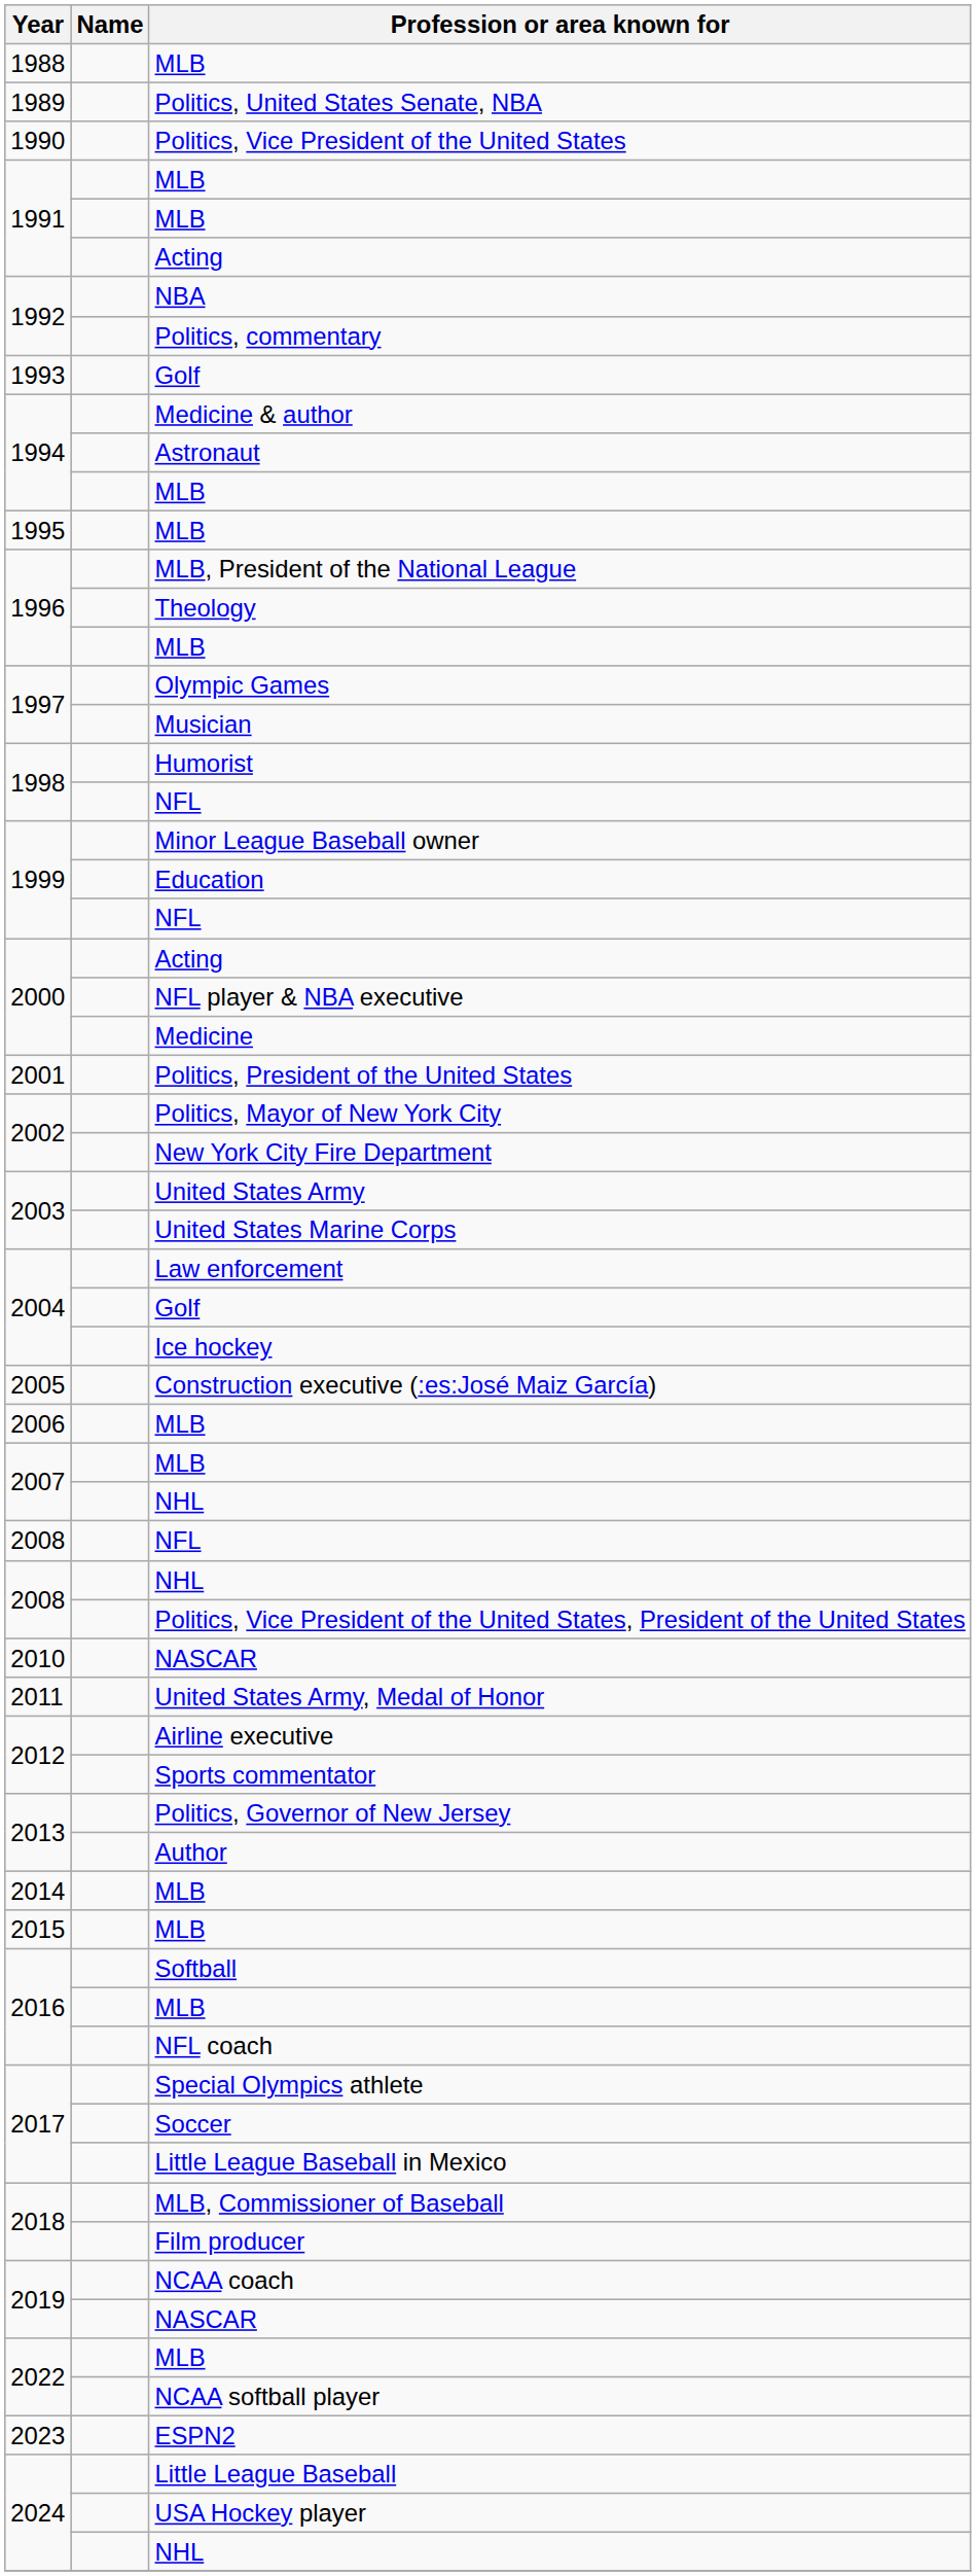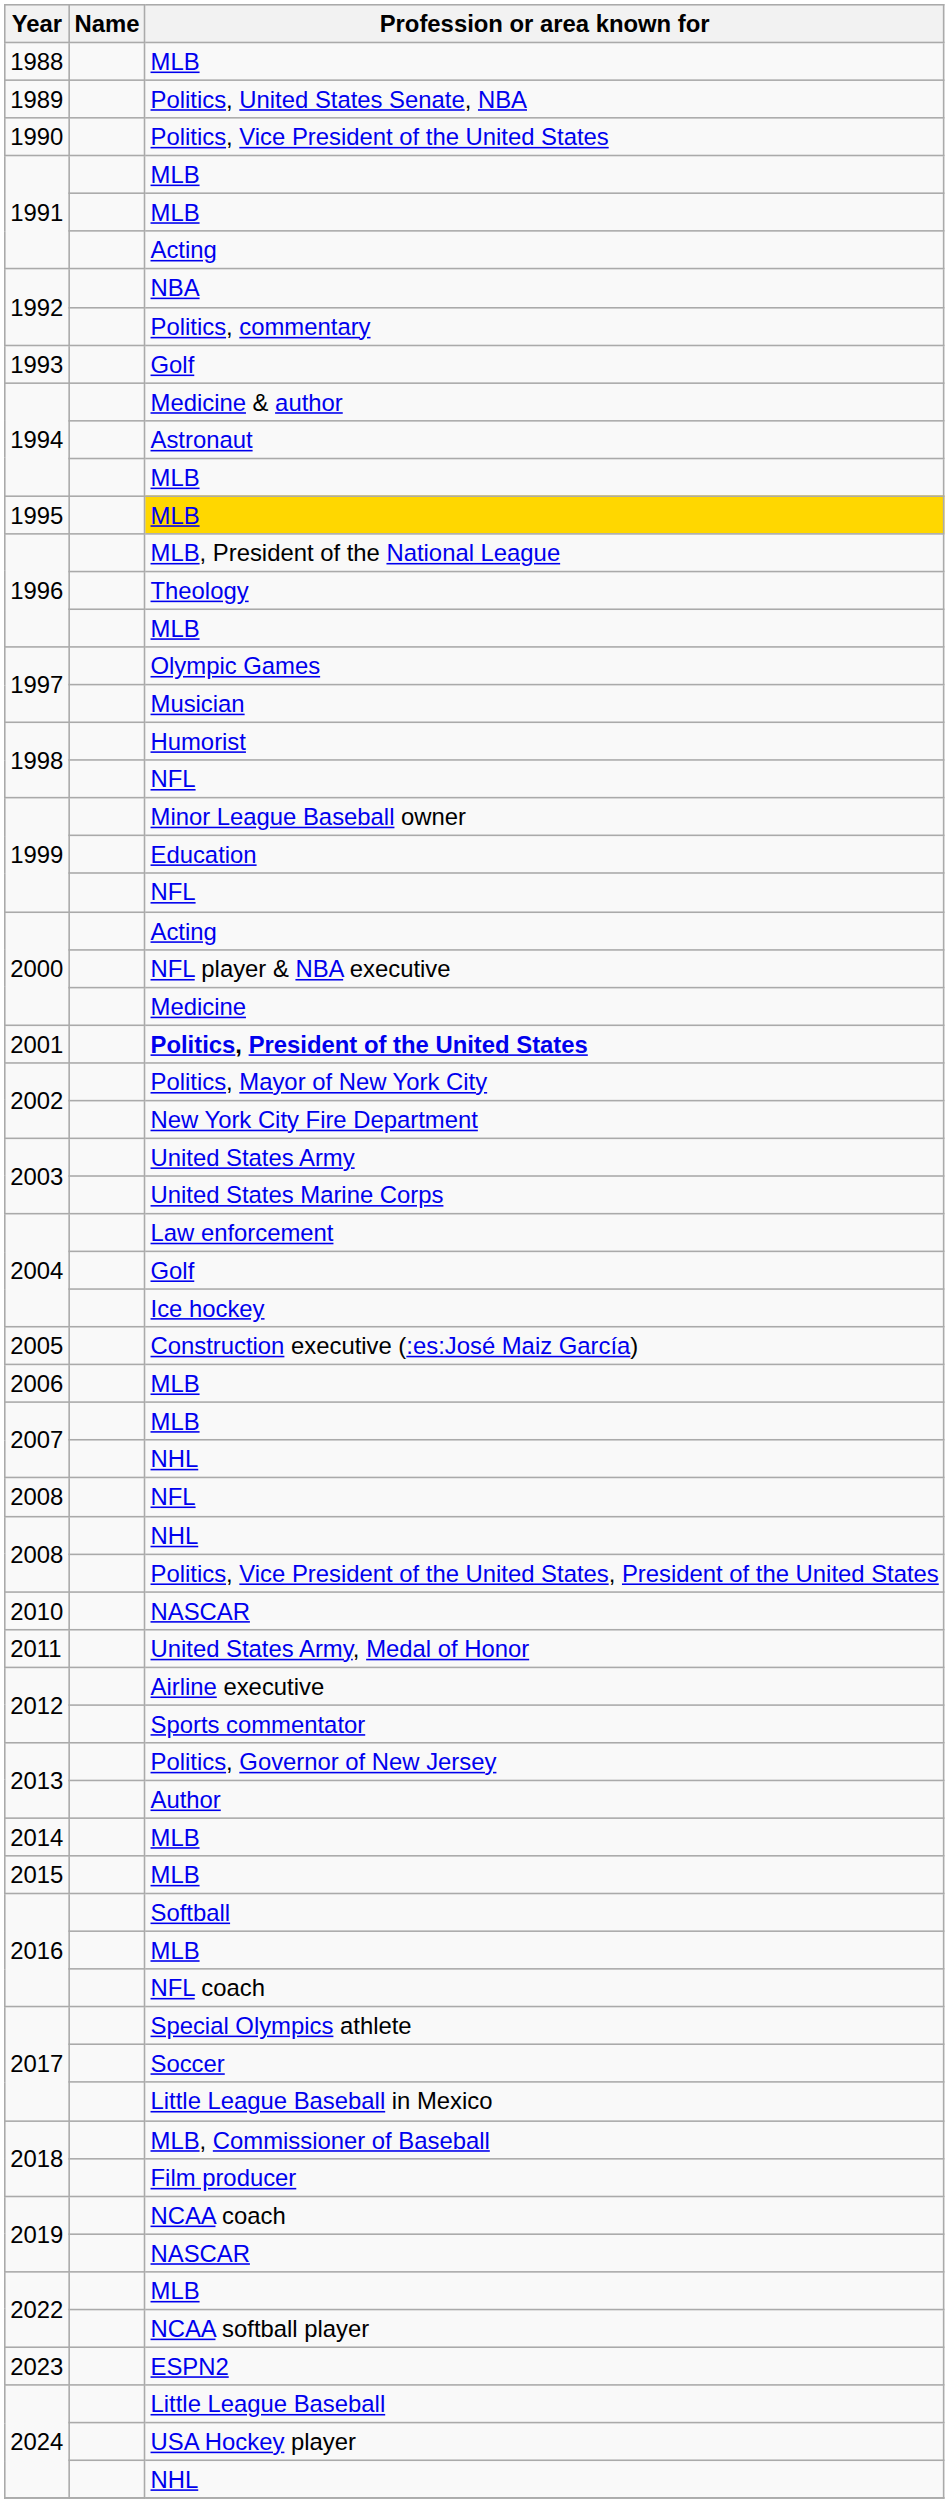 <table class = "wikitable sortable" style="text-align:left; font-size: 95%;">
 <tr>
 <th>Year</th>
 <th>Name</th>
 <th>Profession or area known for</th>
 </tr>
 <tr>
 <td>1988</td>
 <td></td>
 <td><a href='#'>MLB</a></td>
 </tr>
 <tr>
 <td>1989</td>
 <td></td>
 <td><a href='#'>Politics</a>, <a href='#'>United States Senate</a>, <a href='#'>NBA</a></td>
 </tr>
 <tr>
 <td>1990</td>
 <td></td>
 <td><a href='#'>Politics</a>, <a href='#'>Vice President of the United States</a></td>
 </tr>
 <tr>
 <td rowspan=3>1991</td>
 <td></td>
 <td><a href='#'>MLB</a></td>
 </tr>
 <tr>
 <td></td>
 <td><a href='#'>MLB</a></td>
 </tr>
 <tr>
 <td></td>
 <td><a href='#'>Acting</a></td>
 </tr>
 <tr>
 <td rowspan=2>1992</td>
 <td></td>
 <td><a href='#'>NBA</a></td>
 </tr>
 <tr>
 <td></td>
 <td><a href='#'>Politics</a>, <a href='#'>commentary</a></td>
 </tr>
 <tr>
 <td>1993</td>
 <td></td>
 <td><a href='#'>Golf</a></td>
 </tr>
 <tr>
 <td rowspan=3>1994</td>
 <td></td>
 <td><a href='#'>Medicine</a> & <a href='#'>author</a></td>
 </tr>
 <tr>
 <td></td>
 <td><a href='#'>Astronaut</a></td>
 </tr>
 <tr>
 <td></td>
 <td><a href='#'>MLB</a></td>
 </tr>
 <tr>
 <td>1995</td>
 <td></td>
-<td><a href='#'>MLB</a></td>
+<td style="background: gold;"><a href='#'>MLB</a></td>
 </tr>
 <tr>
 <td rowspan=3>1996</td>
 <td></td>
 <td><a href='#'>MLB</a>, President of the <a href='#'>National League</a></td>
 </tr>
 <tr>
 <td></td>
 <td><a href='#'>Theology</a></td>
 </tr>
 <tr>
 <td></td>
 <td><a href='#'>MLB</a></td>
 </tr>
 <tr>
 <td rowspan=2>1997</td>
 <td></td>
 <td><a href='#'>Olympic Games</a></td>
 </tr>
 <tr>
 <td></td>
 <td><a href='#'>Musician</a></td>
 </tr>
 <tr>
 <td rowspan=2>1998</td>
 <td></td>
 <td><a href='#'>Humorist</a></td>
 </tr>
 <tr>
 <td></td>
 <td><a href='#'>NFL</a></td>
 </tr>
 <tr>
 <td rowspan=3>1999</td>
 <td></td>
 <td><a href='#'>Minor League Baseball</a> owner</td>
 </tr>
 <tr>
 <td></td>
 <td><a href='#'>Education</a></td>
 </tr>
 <tr>
 <td></td>
 <td><a href='#'>NFL</a></td>
 </tr>
 <tr>
 <td rowspan=3>2000</td>
 <td></td>
 <td><a href='#'>Acting</a></td>
 </tr>
 <tr>
 <td></td>
 <td><a href='#'>NFL</a> player & <a href='#'>NBA</a> executive</td>
 </tr>
 <tr>
 <td></td>
 <td><a href='#'>Medicine</a></td>
 </tr>
 <tr>
 <td>2001</td>
 <td></td>
-<td><a href='#'>Politics</a>, <a href='#'>President of the United States</a></td>
+<td><strong><a href='#'>Politics</a>, <a href='#'>President of the United States</a></strong></td>
 </tr>
 <tr>
 <td rowspan=2>2002</td>
 <td></td>
 <td><a href='#'>Politics</a>, <a href='#'>Mayor of New York City</a></td>
 </tr>
 <tr>
 <td></td>
 <td><a href='#'>New York City Fire Department</a></td>
 </tr>
 <tr>
 <td rowspan=2>2003</td>
 <td></td>
 <td><a href='#'>United States Army</a></td>
 </tr>
 <tr>
 <td></td>
 <td><a href='#'>United States Marine Corps</a></td>
 </tr>
 <tr>
 <td rowspan=3>2004</td>
 <td></td>
 <td><a href='#'>Law enforcement</a></td>
 </tr>
 <tr>
 <td></td>
 <td><a href='#'>Golf</a></td>
 </tr>
 <tr>
 <td></td>
 <td><a href='#'>Ice hockey</a></td>
 </tr>
 <tr>
 <td>2005</td>
 <td></td>
 <td><a href='#'>Construction</a> executive (<a href='#'>:es:José Maiz García</a>)</td>
 </tr>
 <tr>
 <td>2006</td>
 <td></td>
 <td><a href='#'>MLB</a></td>
 </tr>
 <tr>
 <td rowspan=2>2007</td>
 <td></td>
 <td><a href='#'>MLB</a></td>
 </tr>
 <tr>
 <td></td>
 <td><a href='#'>NHL</a></td>
 </tr>
 <tr>
 <td>2008</td>
 <td></td>
 <td><a href='#'>NFL</a></td>
 </tr>
 <tr>
 <td rowspan=2>2008</td>
 <td></td>
 <td><a href='#'>NHL</a></td>
 </tr>
 <tr>
 <td></td>
 <td><a href='#'>Politics</a>, <a href='#'>Vice President of the United States</a>, <a href='#'>President of the United States</a></td>
 </tr>
 <tr>
 <td>2010</td>
 <td></td>
 <td><a href='#'>NASCAR</a></td>
 </tr>
 <tr>
 <td>2011</td>
 <td></td>
 <td><a href='#'>United States Army</a>, <a href='#'>Medal of Honor</a></td>
 </tr>
 <tr>
 <td rowspan=2>2012</td>
 <td></td>
 <td><a href='#'>Airline</a> executive</td>
 </tr>
 <tr>
 <td></td>
 <td><a href='#'>Sports commentator</a></td>
 </tr>
 <tr>
 <td rowspan=2>2013</td>
 <td></td>
 <td><a href='#'>Politics</a>, <a href='#'>Governor of New Jersey</a></td>
 </tr>
 <tr>
 <td></td>
 <td><a href='#'>Author</a></td>
 </tr>
 <tr>
 <td>2014</td>
 <td></td>
 <td><a href='#'>MLB</a></td>
 </tr>
 <tr>
 <td>2015</td>
 <td></td>
 <td><a href='#'>MLB</a></td>
 </tr>
 <tr>
 <td rowspan=3>2016</td>
 <td></td>
 <td><a href='#'>Softball</a></td>
 </tr>
 <tr>
 <td></td>
 <td><a href='#'>MLB</a></td>
 </tr>
 <tr>
 <td></td>
 <td><a href='#'>NFL</a> coach</td>
 </tr>
 <tr>
 <td rowspan=3>2017</td>
 <td></td>
 <td><a href='#'>Special Olympics</a> athlete</td>
 </tr>
 <tr>
 <td></td>
 <td><a href='#'>Soccer</a></td>
 </tr>
 <tr>
 <td></td>
 <td><a href='#'>Little League Baseball</a> in Mexico</td>
 </tr>
 <tr>
 <td rowspan=2>2018</td>
 <td></td>
 <td><a href='#'>MLB</a>, <a href='#'>Commissioner of Baseball</a></td>
 </tr>
 <tr>
 <td></td>
 <td><a href='#'>Film producer</a></td>
 </tr>
 <tr>
 <td rowspan=2>2019</td>
 <td></td>
 <td><a href='#'>NCAA</a> coach</td>
 </tr>
 <tr>
 <td></td>
 <td><a href='#'>NASCAR</a></td>
 </tr>
 <tr>
 <td rowspan=2>2022</td>
 <td></td>
 <td><a href='#'>MLB</a></td>
 </tr>
 <tr>
 <td></td>
 <td><a href='#'>NCAA</a> softball player</td>
 </tr>
 <tr>
 <td>2023</td>
 <td></td>
 <td><a href='#'>ESPN2</a></td>
 </tr>
 <tr>
 <td rowspan=3>2024</td>
 <td></td>
 <td><a href='#'>Little League Baseball</a></td>
 </tr>
 <tr>
 <td></td>
 <td><a href='#'>USA Hockey</a> player</td>
 </tr>
 <tr>
 <td></td>
 <td><a href='#'>NHL</a></td>
 </tr>
 <tr>
 </tr>
 </table>
